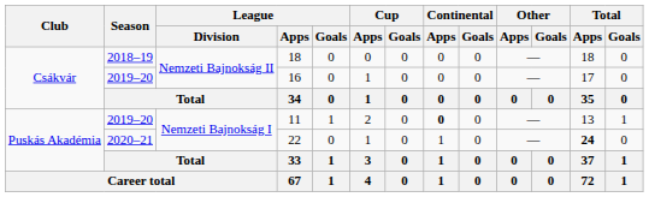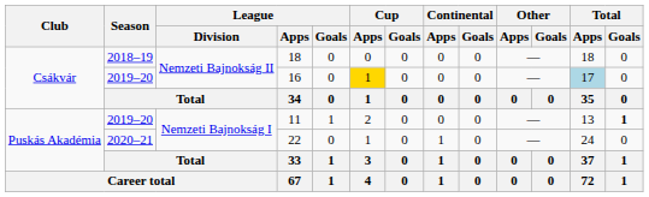 <table class="wikitable" style="text-align:center">
 <tr>
 <th rowspan="2">Club</th>
 <th rowspan="2">Season</th>
 <th colspan="3">League</th>
 <th colspan="2">Cup</th>
 <th colspan="2">Continental</th>
 <th colspan="2">Other</th>
 <th colspan="2">Total</th>
 </tr>
 <tr>
 <th>Division</th>
 <th>Apps</th>
 <th>Goals</th>
 <th>Apps</th>
 <th>Goals</th>
 <th>Apps</th>
 <th>Goals</th>
 <th>Apps</th>
 <th>Goals</th>
 <th>Apps</th>
 <th>Goals</th>
 </tr>
 <tr>
 <td rowspan="3"><a href='#'>Csákvár</a></td>
 <td><a href='#'>2018–19</a></td>
 <td rowspan="2"><a href='#'>Nemzeti Bajnokság II</a></td>
 <td>18</td>
 <td>0</td>
 <td>0</td>
 <td>0</td>
 <td>0</td>
 <td>0</td>
 <td colspan="2">—</td>
 <td>18</td>
 <td>0</td>
 </tr>
 <tr>
 <td><a href='#'>2019–20</a></td>
 <td>16</td>
 <td>0</td>
-<td>1</td>
+<td style="background: gold;">1</td>
 <td>0</td>
 <td>0</td>
 <td>0</td>
 <td colspan="2">—</td>
-<td>17</td>
+<td style="background: lightblue;">17</td>
 <td>0</td>
 </tr>
 <tr>
 <th colspan="2">Total</th>
 <th>34</th>
 <th>0</th>
 <th>1</th>
 <th>0</th>
 <th>0</th>
 <th>0</th>
 <th>0</th>
 <th>0</th>
 <th>35</th>
 <th>0</th>
 </tr>
 <tr>
 <td rowspan="3"><a href='#'>Puskás Akadémia</a></td>
 <td><a href='#'>2019–20</a></td>
 <td rowspan="2"><a href='#'>Nemzeti Bajnokság I</a></td>
 <td>11</td>
 <td>1</td>
 <td>2</td>
 <td>0</td>
-<td><strong>0</strong></td>
+<td>0</td>
 <td>0</td>
 <td colspan="2">—</td>
 <td>13</td>
-<td>1</td>
+<td><strong>1</strong></td>
 </tr>
 <tr>
 <td><a href='#'>2020–21</a></td>
 <td>22</td>
 <td>0</td>
 <td>1</td>
 <td>0</td>
 <td>1</td>
 <td>0</td>
 <td colspan="2">—</td>
-<td><strong>24</strong></td>
+<td>24</td>
 <td>0</td>
 </tr>
 <tr>
 <th colspan="2">Total</th>
 <th>33</th>
 <th>1</th>
 <th>3</th>
 <th>0</th>
 <th>1</th>
 <th>0</th>
 <th>0</th>
 <th>0</th>
 <th>37</th>
 <th>1</th>
 </tr>
 <tr>
 <th colspan="3">Career total</th>
 <th>67</th>
 <th>1</th>
 <th>4</th>
 <th>0</th>
 <th>1</th>
 <th>0</th>
 <th>0</th>
 <th>0</th>
 <th>72</th>
 <th>1</th>
 </tr>
 </table>
